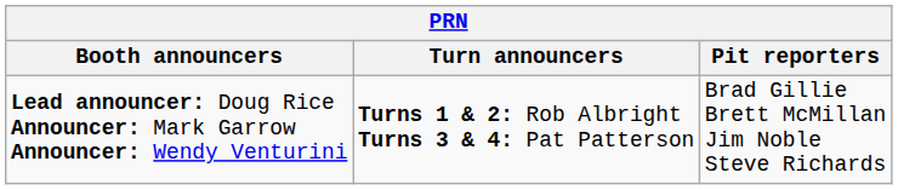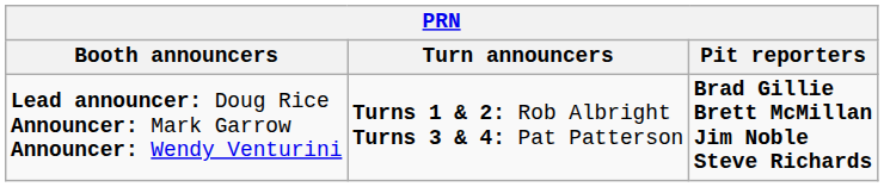 <table class="wikitable" style="font-size: 95%;">
 <tr>
 <th colspan="3"><a href='#'>PRN</a></th>
 </tr>
 <tr>
 <th>Booth announcers</th>
 <th>Turn announcers</th>
 <th>Pit reporters</th>
 </tr>
 <tr>
 <td><strong>Lead announcer:</strong> Doug Rice<br><strong>Announcer:</strong> Mark Garrow<br><strong>Announcer:</strong> <a href='#'>Wendy Venturini</a></td>
 <td><strong>Turns 1 & 2:</strong> Rob Albright<br><strong>Turns 3 & 4:</strong> Pat Patterson</td>
-<td>Brad Gillie<br>Brett McMillan<br>Jim Noble<br>Steve Richards</td>
+<td><strong>Brad Gillie<br>Brett McMillan<br>Jim Noble<br>Steve Richards</strong></td>
 </tr>
 </table>
